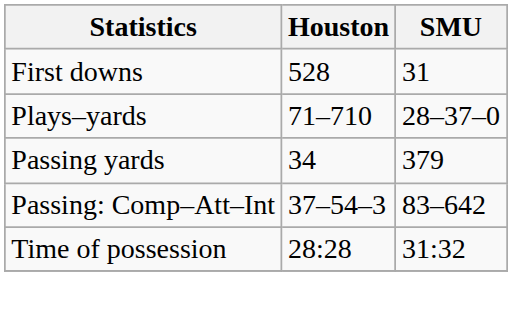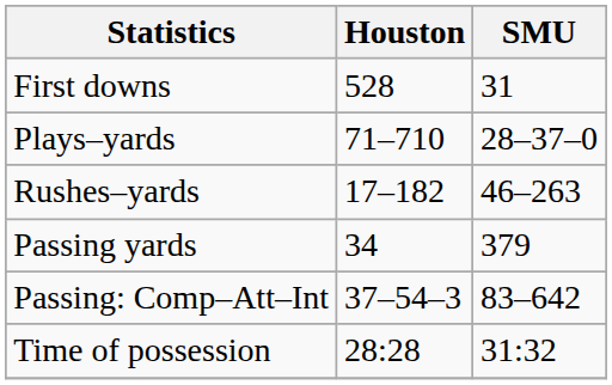 <table class="wikitable" style="float: left;">
 <tr>
 <th>Statistics</th>
 <th>Houston</th>
 <th>SMU</th>
 </tr>
 <tr>
 <td>First downs</td>
 <td>528</td>
 <td>31</td>
 </tr>
 <tr>
 <td>Plays–yards</td>
 <td>71–710</td>
 <td>28–37–0</td>
+</tr>
+<tr>
+<td>Rushes–yards</td>
+<td>17–182</td>
+<td>46–263</td>
 </tr>
 <tr>
 <td>Passing yards</td>
 <td>34</td>
 <td>379</td>
 </tr>
 <tr>
 <td>Passing: Comp–Att–Int</td>
 <td>37–54–3</td>
 <td>83–642</td>
 </tr>
 <tr>
 <td>Time of possession</td>
 <td>28:28</td>
 <td>31:32</td>
 </tr>
 <tr>
 </tr>
 </table>
